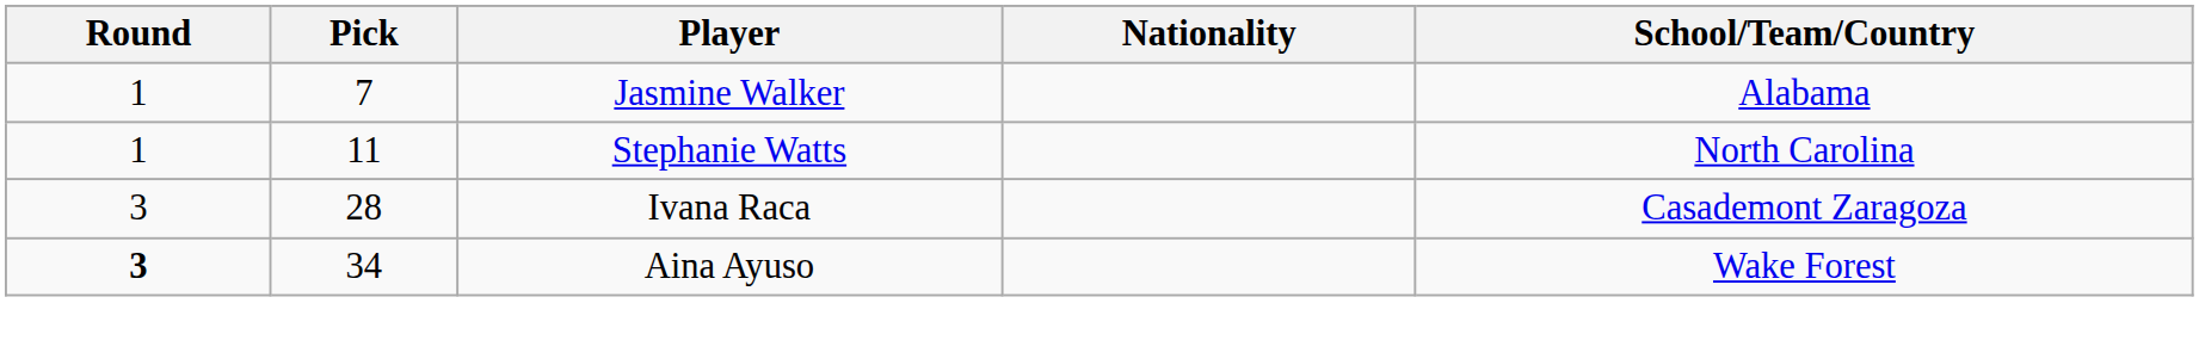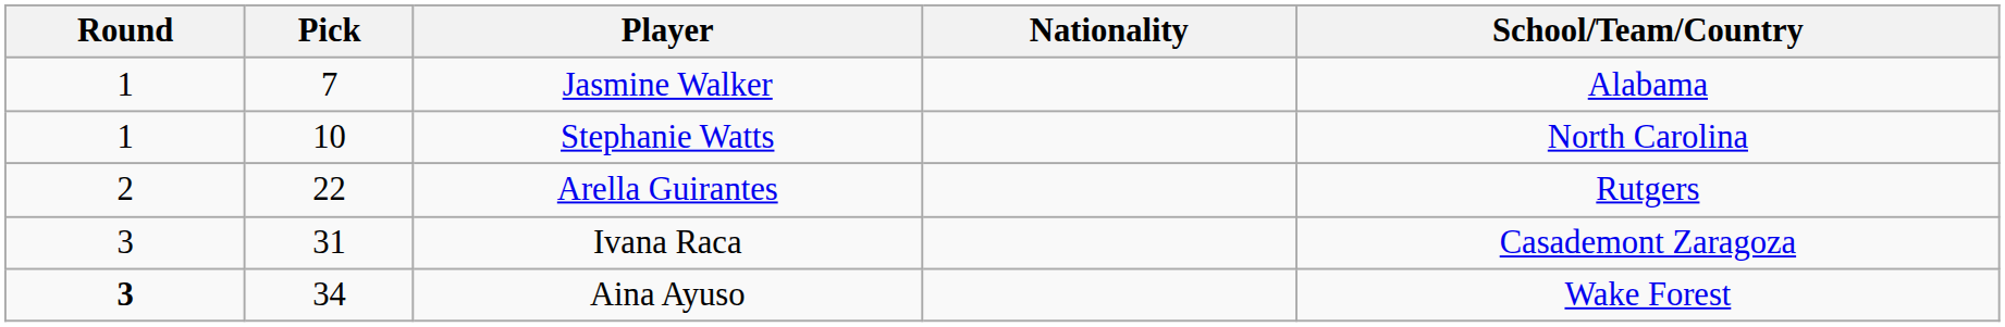 <table class="wikitable" style="text-align:center; width:60em">
 <tr>
 <th>Round</th>
 <th>Pick</th>
 <th>Player</th>
 <th>Nationality</th>
 <th>School/Team/Country</th>
 </tr>
 <tr>
 <td>1</td>
 <td>7</td>
 <td><a href='#'>Jasmine Walker</a></td>
 <td></td>
 <td><a href='#'>Alabama</a></td>
 </tr>
 <tr>
 <td>1</td>
-<td>11</td>
+<td>10</td>
 <td><a href='#'>Stephanie Watts</a></td>
 <td></td>
 <td><a href='#'>North Carolina</a></td>
 </tr>
 <tr>
+<td>2</td>
+<td>22</td>
+<td><a href='#'>Arella Guirantes</a></td>
+<td></td>
+<td><a href='#'>Rutgers</a></td>
+</tr>
+<tr>
 <td>3</td>
-<td>28</td>
+<td>31</td>
 <td>Ivana Raca</td>
 <td></td>
 <td><a href='#'>Casademont Zaragoza</a> </td>
 </tr>
 <tr>
 <td><strong>3</strong></td>
 <td>34</td>
 <td>Aina Ayuso</td>
 <td></td>
 <td><a href='#'>Wake Forest</a></td>
 </tr>
 </table>
